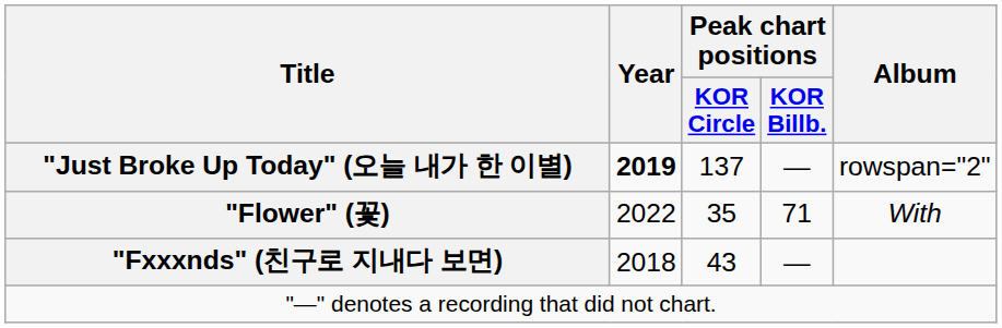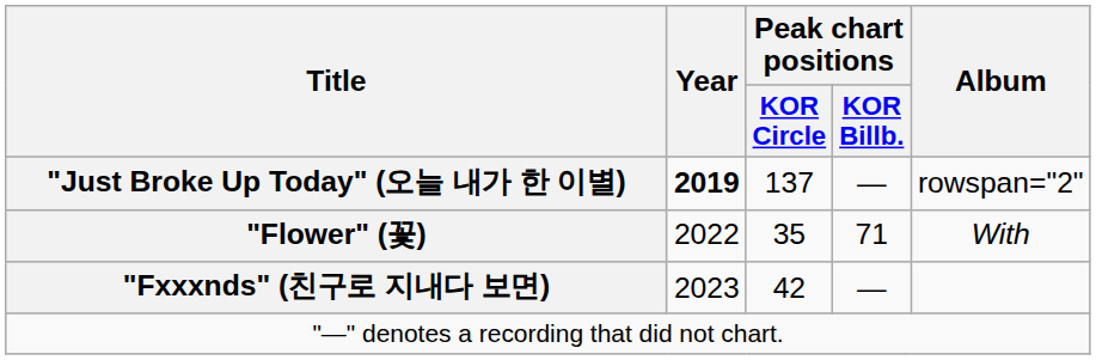 <table class="wikitable plainrowheaders" style="text-align:center;">
 <tr>
 <th scope="col" rowspan="2" style="width:22em;">Title</th>
 <th scope="col" rowspan="2">Year</th>
 <th scope="col" colspan="2">Peak chart positions</th>
 <th scope="col" rowspan="2">Album</th>
 </tr>
 <tr>
 <th scope="col" style="width:2.5em;font-size:90%"><a href='#'>KOR<br>Circle</a><br></th>
 <th scope="col" style="width:2.5em;font-size:90%"><a href='#'>KOR<br>Billb.</a><br></th>
 </tr>
 <tr>
 <th scope="row">"Just Broke Up Today" (오늘 내가 한 이별)<br></th>
 <td><strong>2019</strong></td>
 <td>137</td>
 <td>—</td>
 <td>rowspan="2" </td>
 </tr>
 <tr>
 <th scope="row">"Flower" (꽃)<br></th>
 <td>2022</td>
 <td>35</td>
 <td>71</td>
 <td><em>With</em></td>
 </tr>
 <tr>
 <th scope="row">"Fxxxnds" (친구로 지내다 보면)<br></th>
-<td>2018</td>
-<td>43</td>
+<td>2023</td>
+<td>42</td>
 <td>—</td>
 </tr>
 <tr>
 <td colspan="5" style="font-size:85%">"—" denotes a recording that did not chart.</td>
 </tr>
 </table>
